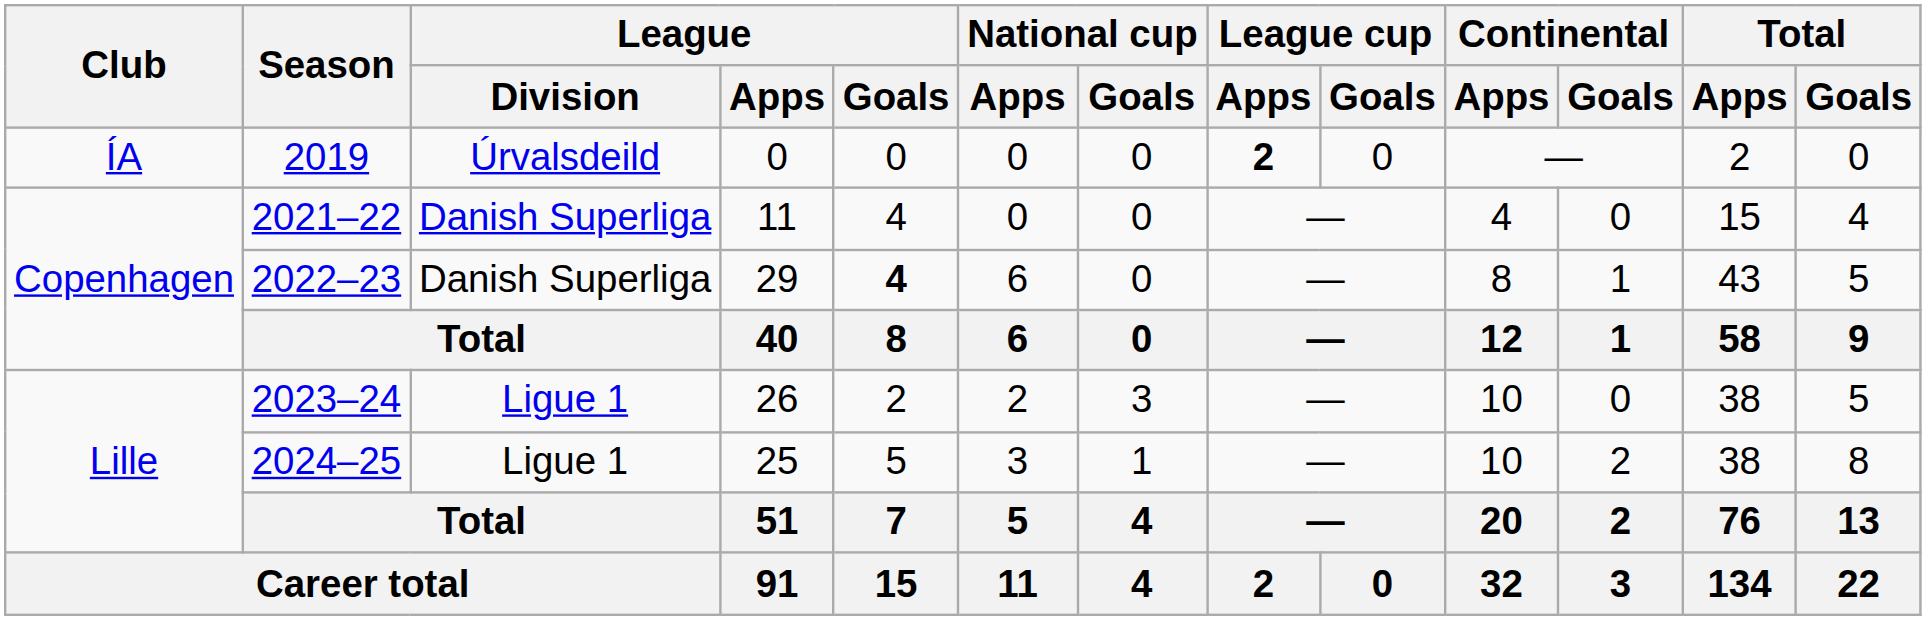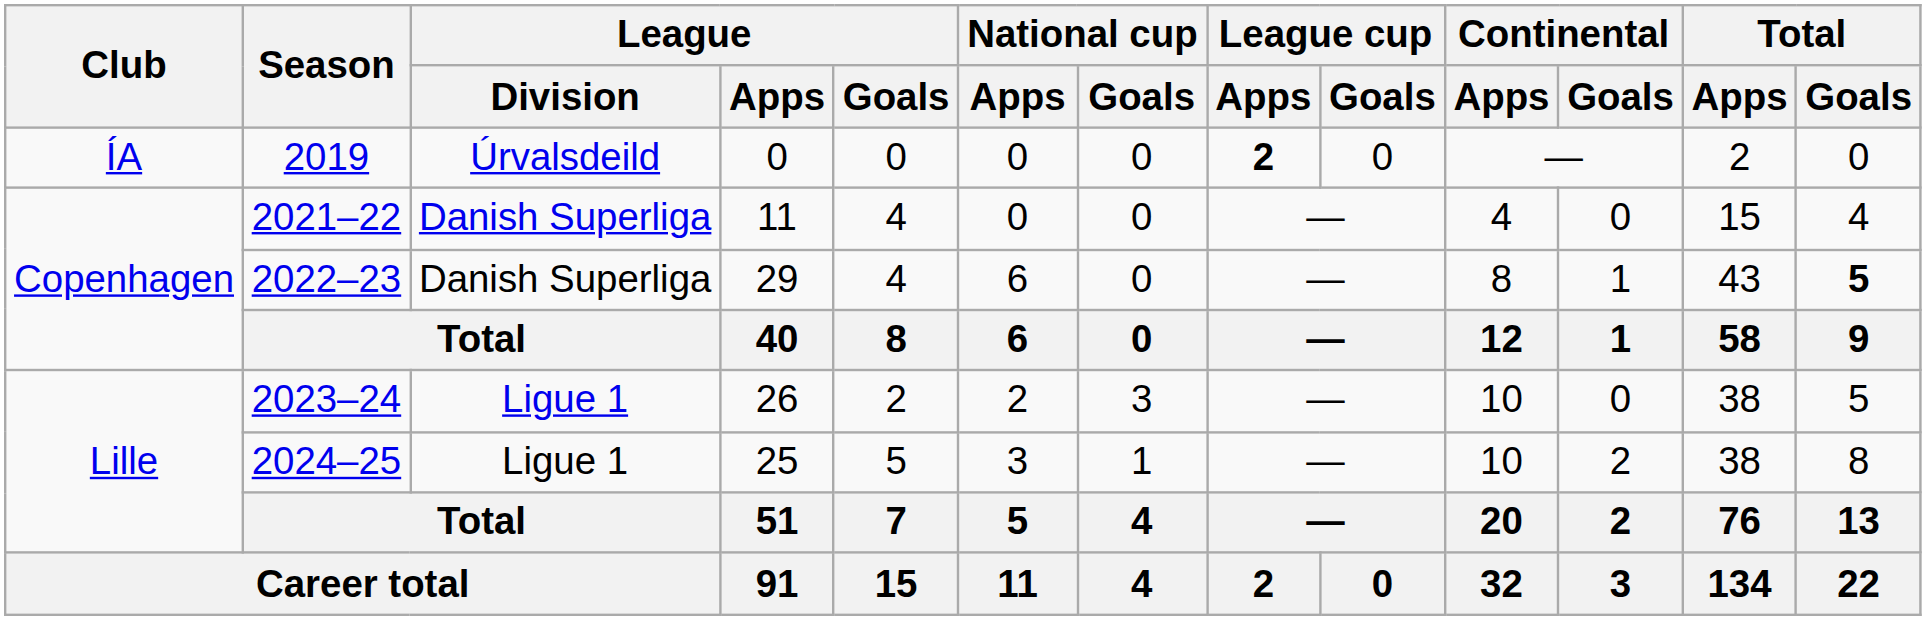 <table class="wikitable" Style="text-align: center">
 <tr>
 <th rowspan="2">Club</th>
 <th rowspan="2">Season</th>
 <th colspan="3">League</th>
 <th colspan="2">National cup</th>
 <th colspan="2">League cup</th>
 <th colspan="2">Continental</th>
 <th colspan="2">Total</th>
 </tr>
 <tr>
 <th>Division</th>
 <th>Apps</th>
 <th>Goals</th>
 <th>Apps</th>
 <th>Goals</th>
 <th>Apps</th>
 <th>Goals</th>
 <th>Apps</th>
 <th>Goals</th>
 <th>Apps</th>
 <th>Goals</th>
 </tr>
 <tr>
 <td><a href='#'>ÍA</a></td>
 <td><a href='#'>2019</a></td>
 <td><a href='#'>Úrvalsdeild</a></td>
 <td>0</td>
 <td>0</td>
 <td>0</td>
 <td>0</td>
 <td><strong>2</strong></td>
 <td>0</td>
 <td colspan="2">—</td>
 <td>2</td>
 <td>0</td>
 </tr>
 <tr>
 <td rowspan="3"><a href='#'>Copenhagen</a></td>
 <td><a href='#'>2021–22</a></td>
 <td><a href='#'>Danish Superliga</a></td>
 <td>11</td>
 <td>4</td>
 <td>0</td>
 <td>0</td>
 <td colspan="2">—</td>
 <td>4</td>
 <td>0</td>
 <td>15</td>
 <td>4</td>
 </tr>
 <tr>
 <td><a href='#'>2022–23</a></td>
 <td>Danish Superliga</td>
 <td>29</td>
-<td><strong>4</strong></td>
+<td>4</td>
 <td>6</td>
 <td>0</td>
 <td colspan="2">—</td>
 <td>8</td>
 <td>1</td>
 <td>43</td>
-<td>5</td>
+<td><strong>5</strong></td>
 </tr>
 <tr>
 <th colspan="2">Total</th>
 <th>40</th>
 <th>8</th>
 <th>6</th>
 <th>0</th>
 <th colspan="2">—</th>
 <th>12</th>
 <th>1</th>
 <th>58</th>
 <th>9</th>
 </tr>
 <tr>
 <td rowspan="3"><a href='#'>Lille</a></td>
 <td><a href='#'>2023–24</a></td>
 <td><a href='#'>Ligue 1</a></td>
 <td>26</td>
 <td>2</td>
 <td>2</td>
 <td>3</td>
 <td colspan="2">—</td>
 <td>10</td>
 <td>0</td>
 <td>38</td>
 <td>5</td>
 </tr>
 <tr>
 <td><a href='#'>2024–25</a></td>
 <td>Ligue 1</td>
 <td>25</td>
 <td>5</td>
 <td>3</td>
 <td>1</td>
 <td colspan="2">—</td>
 <td>10</td>
 <td>2</td>
 <td>38</td>
 <td>8</td>
 </tr>
 <tr>
 <th colspan="2">Total</th>
 <th>51</th>
 <th>7</th>
 <th>5</th>
 <th>4</th>
 <th colspan="2">—</th>
 <th>20</th>
 <th>2</th>
 <th>76</th>
 <th>13</th>
 </tr>
 <tr>
 <th colspan="3">Career total</th>
 <th>91</th>
 <th>15</th>
 <th>11</th>
 <th>4</th>
 <th>2</th>
 <th>0</th>
 <th>32</th>
 <th>3</th>
 <th>134</th>
 <th>22</th>
 </tr>
 </table>
